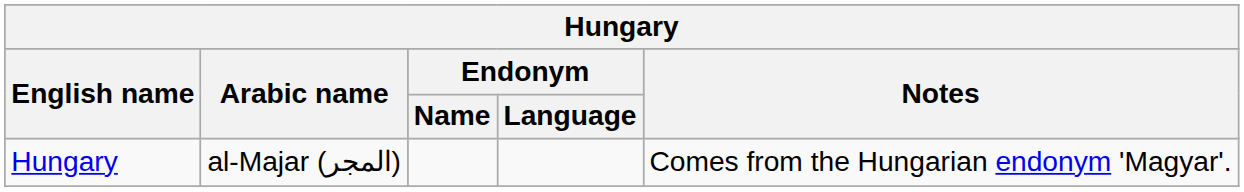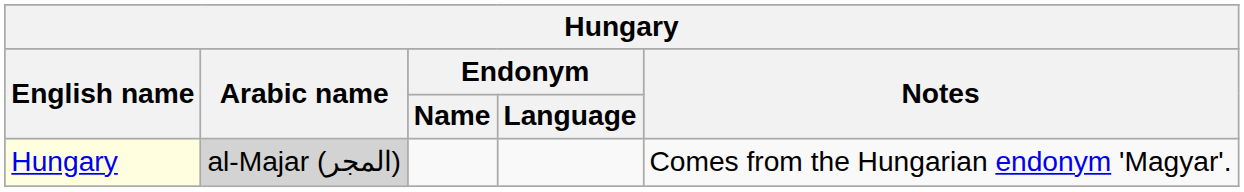 <table class="wikitable sortable">
 <tr>
 <th colspan="5">Hungary</th>
 </tr>
 <tr>
 <th rowspan="2">English name</th>
 <th rowspan="2">Arabic name</th>
 <th colspan="2">Endonym</th>
 <th rowspan="2">Notes</th>
 </tr>
 <tr>
 <th>Name</th>
 <th>Language</th>
 </tr>
 <tr>
-<td><a href='#'>Hungary</a></td>
-<td>al-Majar (المجر)</td>
+<td style="background: lightyellow;"><a href='#'>Hungary</a></td>
+<td style="background: lightgrey;">al-Majar (المجر)</td>
 <td></td>
 <td></td>
 <td>Comes from the Hungarian <a href='#'>endonym</a> 'Magyar'.</td>
 </tr>
 </table>
